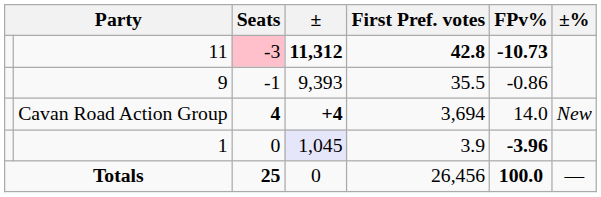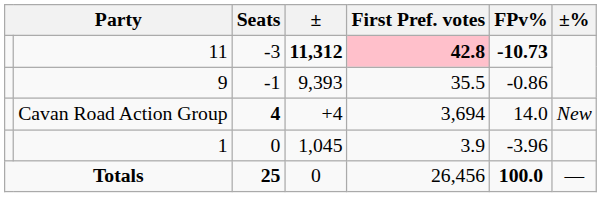 <table class=wikitable>
 <tr>
 <th colspan=2 align=center>Party</th>
 <th valign=top>Seats</th>
 <th valign=top>±</th>
 <th valign=top>First Pref. votes</th>
 <th valign=top>FPv%</th>
 <th valign=top>±%</th>
 </tr>
 <tr>
 <td></td>
 <td align=right>11</td>
-<td align=right style="background: pink;">-3</td>
+<td align=right>-3</td>
 <td align=right><strong>11,312</strong></td>
-<td align=right><strong>42.8</strong></td>
+<td align=right style="background: pink;"><strong>42.8</strong></td>
 <td align=right><strong>-10.73</strong></td>
 </tr>
 <tr>
 <td></td>
 <td align=right>9</td>
 <td align=right>-1</td>
 <td align=right>9,393</td>
 <td align=right>35.5</td>
 <td align=right>-0.86</td>
 </tr>
 <tr>
 <td></td>
 <td>Cavan Road Action Group</td>
 <td align=right><strong>4</strong></td>
-<td align=right><strong>+4</strong></td>
+<td align=right>+4</td>
 <td align=right>3,694</td>
 <td align=right>14.0</td>
 <td align=right><em>New</em></td>
 </tr>
 <tr>
 <td></td>
 <td align=right>1</td>
 <td align=right>0</td>
-<td align=right style="background: lavender;">1,045</td>
+<td align=right>1,045</td>
 <td align=right>3.9</td>
-<td align=right><strong>-3.96</strong></td>
+<td align=right>-3.96</td>
 </tr>
 <tr>
 <td colspan=2 align=center><strong>Totals</strong></td>
 <td align=right><strong>25</strong></td>
 <td align=center>0</td>
 <td align=right>26,456</td>
 <td align=center><strong>100.0</strong></td>
 <td align=center>—</td>
 </tr>
 </table>
